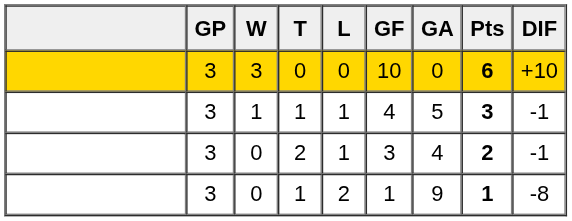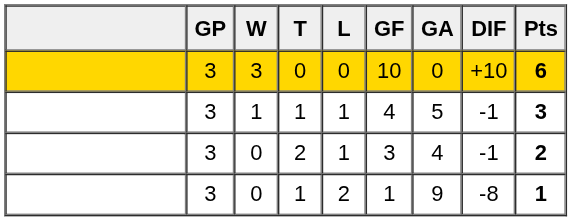 <table border=1 cellpadding=5 cellspacing=0>
 <tr>
 <th bgcolor="#efefef" width="120">　</th>
 <th bgcolor="#efefef" width="20">GP</th>
 <th bgcolor="#efefef" width="20">W</th>
 <th bgcolor="#efefef" width="20">T</th>
 <th bgcolor="#efefef" width="20">L</th>
 <th bgcolor="#efefef" width="20">GF</th>
 <th bgcolor="#efefef" width="20">GA</th>
+<th bgcolor="#efefef" width="20">DIF</th>
 <th bgcolor="#efefef" width="20">Pts</th>
-<th bgcolor="#efefef" width="20">DIF</th>
 </tr>
 <tr align=center bgcolor= gold>
 <td align=left><strong></strong></td>
 <td>3</td>
 <td>3</td>
 <td>0</td>
 <td>0</td>
 <td>10</td>
 <td>0</td>
+<td>+10</td>
 <td><strong>6</strong></td>
-<td>+10</td>
 </tr>
 <tr align=center>
 <td align=left></td>
 <td>3</td>
 <td>1</td>
 <td>1</td>
 <td>1</td>
 <td>4</td>
 <td>5</td>
+<td>-1</td>
 <td><strong>3</strong></td>
-<td>-1</td>
 </tr>
 <tr align=center>
 <td align=left></td>
 <td>3</td>
 <td>0</td>
 <td>2</td>
 <td>1</td>
 <td>3</td>
 <td>4</td>
+<td>-1</td>
 <td><strong>2</strong></td>
-<td>-1</td>
 </tr>
 <tr align=center>
 <td align=left></td>
 <td>3</td>
 <td>0</td>
 <td>1</td>
 <td>2</td>
 <td>1</td>
 <td>9</td>
+<td>-8</td>
 <td><strong>1</strong></td>
-<td>-8</td>
 </tr>
 </table>
